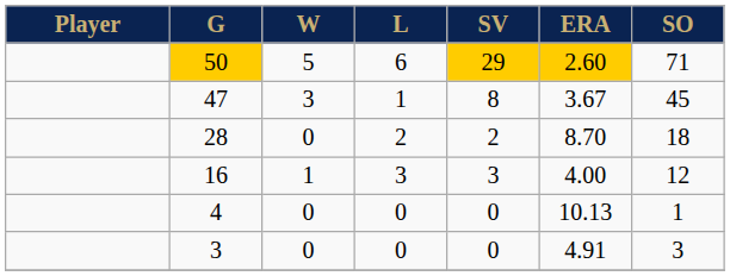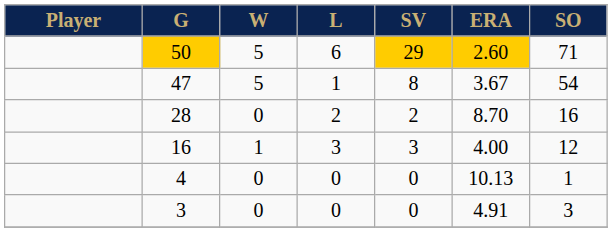 <table class="wikitable sortable">
 <tr>
 <th style="background:#0a2351;color:#c9b074;" width="16%">Player</th>
 <th style="background:#0a2351;color:#c9b074;" width="9%">G</th>
 <th style="background:#0a2351;color:#c9b074;" width="9%">W</th>
 <th style="background:#0a2351;color:#c9b074;" width="9%">L</th>
 <th style="background:#0a2351;color:#c9b074;" width="9%">SV</th>
 <th style="background:#0a2351;color:#c9b074;" width="9%">ERA</th>
 <th style="background:#0a2351;color:#c9b074;" width="9%">SO</th>
 </tr>
 <tr align="center">
 <td></td>
 <td style="background:#fc0;">50</td>
 <td>5</td>
 <td>6</td>
 <td style="background:#fc0;">29</td>
 <td style="background:#fc0;">2.60</td>
 <td>71</td>
 </tr>
 <tr align="center">
 <td></td>
 <td>47</td>
-<td>3</td>
+<td>5</td>
 <td>1</td>
 <td>8</td>
 <td>3.67</td>
-<td>45</td>
+<td>54</td>
 </tr>
 <tr align="center">
 <td></td>
 <td>28</td>
 <td>0</td>
 <td>2</td>
 <td>2</td>
 <td>8.70</td>
-<td>18</td>
+<td>16</td>
 </tr>
 <tr align="center">
 <td></td>
 <td>16</td>
 <td>1</td>
 <td>3</td>
 <td>3</td>
 <td>4.00</td>
 <td>12</td>
 </tr>
 <tr align="center">
 <td></td>
 <td>4</td>
 <td>0</td>
 <td>0</td>
 <td>0</td>
 <td>10.13</td>
 <td>1</td>
 </tr>
 <tr align="center">
 <td></td>
 <td>3</td>
 <td>0</td>
 <td>0</td>
 <td>0</td>
 <td>4.91</td>
 <td>3</td>
 </tr>
 <tr align="center">
 </tr>
 </table>
